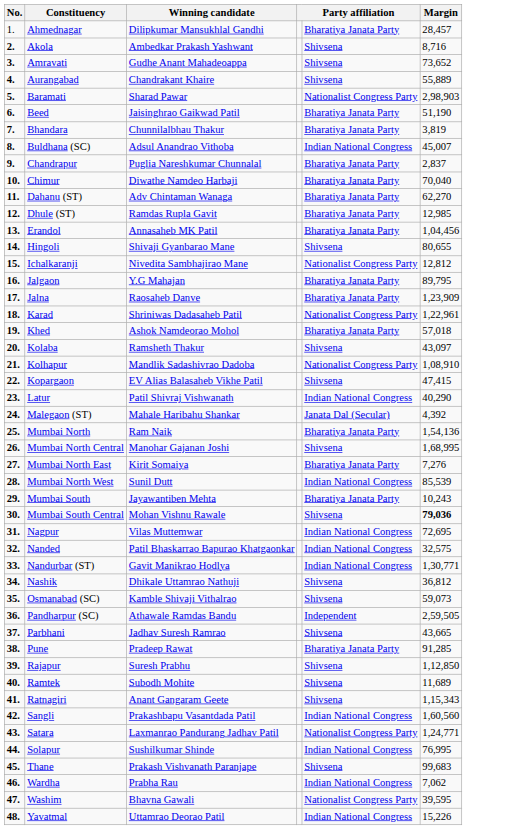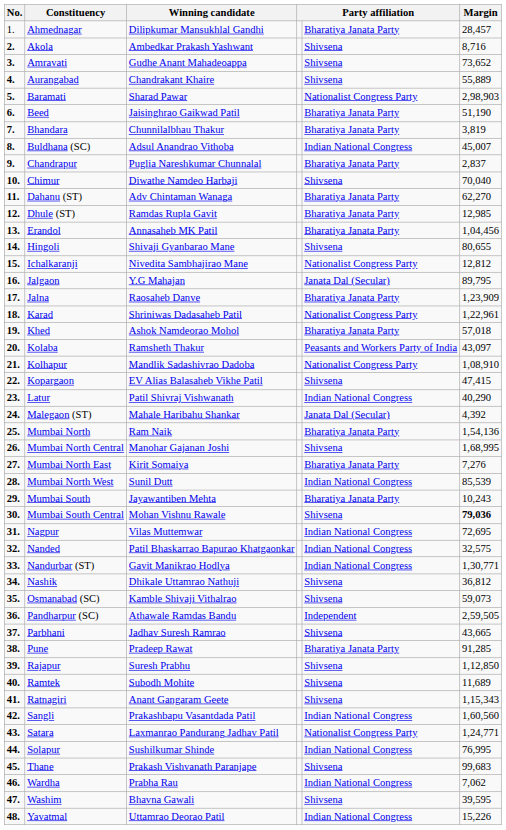 <table class="wikitable sortable">
 <tr>
 <th>No.</th>
 <th>Constituency</th>
 <th>Winning candidate</th>
 <th colspan="2">Party affiliation</th>
 <th>Margin</th>
 </tr>
 <tr>
 <td>1.</td>
 <td><a href='#'>Ahmednagar</a></td>
 <td><a href='#'>Dilipkumar Mansukhlal Gandhi</a></td>
 <td style="background-color: "></td>
 <td><a href='#'>Bharatiya Janata Party</a></td>
 <td>28,457</td>
 </tr>
 <tr>
 <td><strong>2.</strong></td>
 <td><a href='#'>Akola</a></td>
 <td><a href='#'>Ambedkar Prakash Yashwant</a></td>
 <td style="background-color: "></td>
 <td><a href='#'>Shivsena</a></td>
 <td>8,716</td>
 </tr>
 <tr>
 <td><strong>3.</strong></td>
 <td><a href='#'>Amravati</a></td>
 <td><a href='#'>Gudhe Anant Mahadeoappa</a></td>
 <td style="background-color: "></td>
 <td><a href='#'>Shivsena</a></td>
 <td>73,652</td>
 </tr>
 <tr>
 <td><strong>4.</strong></td>
 <td><a href='#'>Aurangabad</a></td>
 <td><a href='#'>Chandrakant Khaire</a></td>
 <td style="background-color: "></td>
 <td><a href='#'>Shivsena</a></td>
 <td>55,889</td>
 </tr>
 <tr>
 <td><strong>5.</strong></td>
 <td><a href='#'>Baramati</a></td>
 <td><a href='#'>Sharad Pawar</a></td>
 <td style="background-color: "></td>
 <td><a href='#'>Nationalist Congress Party</a></td>
 <td>2,98,903</td>
 </tr>
 <tr>
 <td><strong>6.</strong></td>
 <td><a href='#'>Beed</a></td>
 <td><a href='#'>Jaisinghrao Gaikwad Patil</a></td>
 <td style="background-color: "></td>
 <td><a href='#'>Bharatiya Janata Party</a></td>
 <td>51,190</td>
 </tr>
 <tr>
 <td><strong>7.</strong></td>
 <td><a href='#'>Bhandara</a></td>
 <td><a href='#'>Chunnilalbhau Thakur</a></td>
 <td style="background-color: "></td>
 <td><a href='#'>Bharatiya Janata Party</a></td>
 <td>3,819</td>
 </tr>
 <tr>
 <td><strong>8.</strong></td>
 <td><a href='#'>Buldhana</a> (SC)</td>
 <td><a href='#'>Adsul Anandrao Vithoba</a></td>
 <td style="background-color: "></td>
 <td><a href='#'>Indian National Congress</a></td>
 <td>45,007</td>
 </tr>
 <tr>
 <td><strong>9.</strong></td>
 <td><a href='#'>Chandrapur</a></td>
 <td><a href='#'>Puglia Nareshkumar Chunnalal</a></td>
 <td style="background-color: "></td>
 <td><a href='#'>Bharatiya Janata Party</a></td>
 <td>2,837</td>
 </tr>
 <tr>
 <td><strong>10.</strong></td>
 <td><a href='#'>Chimur</a></td>
 <td><a href='#'>Diwathe Namdeo Harbaji</a></td>
 <td style="background-color: "></td>
-<td><a href='#'>Bharatiya Janata Party</a></td>
+<td><a href='#'>Shivsena</a></td>
 <td>70,040</td>
 </tr>
 <tr>
 <td><strong>11.</strong></td>
 <td><a href='#'>Dahanu</a> (ST)</td>
 <td><a href='#'>Adv Chintaman Wanaga</a></td>
 <td style="background-color: "></td>
 <td><a href='#'>Bharatiya Janata Party</a></td>
 <td>62,270</td>
 </tr>
 <tr>
 <td><strong>12.</strong></td>
 <td><a href='#'>Dhule</a> (ST)</td>
 <td><a href='#'>Ramdas Rupla Gavit</a></td>
 <td style="background-color: "></td>
 <td><a href='#'>Bharatiya Janata Party</a></td>
 <td>12,985</td>
 </tr>
 <tr>
 <td><strong>13.</strong></td>
 <td><a href='#'>Erandol</a></td>
 <td><a href='#'>Annasaheb MK Patil</a></td>
 <td style="background-color: "></td>
 <td><a href='#'>Bharatiya Janata Party</a></td>
 <td>1,04,456</td>
 </tr>
 <tr>
 <td><strong>14.</strong></td>
 <td><a href='#'>Hingoli</a></td>
 <td><a href='#'>Shivaji Gyanbarao Mane</a></td>
 <td style="background-color: "></td>
 <td><a href='#'>Shivsena</a></td>
 <td>80,655</td>
 </tr>
 <tr>
 <td><strong>15.</strong></td>
 <td><a href='#'>Ichalkaranji</a></td>
 <td><a href='#'>Nivedita Sambhajirao Mane</a></td>
 <td style="background-color: "></td>
 <td><a href='#'>Nationalist Congress Party</a></td>
 <td>12,812</td>
 </tr>
 <tr>
 <td><strong>16.</strong></td>
 <td><a href='#'>Jalgaon</a></td>
 <td><a href='#'>Y.G Mahajan</a></td>
 <td style="background-color: "></td>
-<td><a href='#'>Bharatiya Janata Party</a></td>
+<td><a href='#'>Janata Dal (Secular)</a></td>
 <td>89,795</td>
 </tr>
 <tr>
 <td><strong>17.</strong></td>
 <td><a href='#'>Jalna</a></td>
 <td><a href='#'>Raosaheb Danve</a></td>
 <td style="background-color: "></td>
 <td><a href='#'>Bharatiya Janata Party</a></td>
 <td>1,23,909</td>
 </tr>
 <tr>
 <td><strong>18.</strong></td>
 <td><a href='#'>Karad</a></td>
 <td><a href='#'>Shriniwas Dadasaheb Patil</a></td>
 <td style="background-color: "></td>
 <td><a href='#'>Nationalist Congress Party</a></td>
 <td>1,22,961</td>
 </tr>
 <tr>
 <td><strong>19.</strong></td>
 <td><a href='#'>Khed</a></td>
 <td><a href='#'>Ashok Namdeorao Mohol</a></td>
 <td style="background-color: "></td>
 <td><a href='#'>Bharatiya Janata Party</a></td>
 <td>57,018</td>
 </tr>
 <tr>
 <td><strong>20.</strong></td>
 <td><a href='#'>Kolaba</a></td>
 <td><a href='#'>Ramsheth Thakur</a></td>
 <td style="background-color: "></td>
-<td><a href='#'>Shivsena</a></td>
+<td><a href='#'>Peasants and Workers Party of India</a></td>
 <td>43,097</td>
 </tr>
 <tr>
 <td><strong>21.</strong></td>
 <td><a href='#'>Kolhapur</a></td>
 <td><a href='#'>Mandlik Sadashivrao Dadoba</a></td>
 <td style="background-color: "></td>
 <td><a href='#'>Nationalist Congress Party</a></td>
 <td>1,08,910</td>
 </tr>
 <tr>
 <td><strong>22.</strong></td>
 <td><a href='#'>Kopargaon</a></td>
 <td><a href='#'>EV Alias Balasaheb Vikhe Patil</a></td>
 <td style="background-color: "></td>
 <td><a href='#'>Shivsena</a></td>
 <td>47,415</td>
 </tr>
 <tr>
 <td><strong>23.</strong></td>
 <td><a href='#'>Latur</a></td>
 <td><a href='#'>Patil Shivraj Vishwanath</a></td>
 <td style="background-color: "></td>
 <td><a href='#'>Indian National Congress</a></td>
 <td>40,290</td>
 </tr>
 <tr>
 <td><strong>24.</strong></td>
 <td><a href='#'>Malegaon</a> (ST)</td>
 <td><a href='#'>Mahale Haribahu Shankar</a></td>
 <td style="background-color: "></td>
 <td><a href='#'>Janata Dal (Secular)</a></td>
 <td>4,392</td>
 </tr>
 <tr>
 <td><strong>25.</strong></td>
 <td><a href='#'>Mumbai North</a></td>
 <td><a href='#'>Ram Naik</a></td>
 <td style="background-color: "></td>
 <td><a href='#'>Bharatiya Janata Party</a></td>
 <td>1,54,136</td>
 </tr>
 <tr>
 <td><strong>26.</strong></td>
 <td><a href='#'>Mumbai North Central</a></td>
 <td><a href='#'>Manohar Gajanan Joshi</a></td>
 <td style="background-color: "></td>
 <td><a href='#'>Shivsena</a></td>
 <td>1,68,995</td>
 </tr>
 <tr>
 <td><strong>27.</strong></td>
 <td><a href='#'>Mumbai North East</a></td>
 <td><a href='#'>Kirit Somaiya</a></td>
 <td style="background-color: "></td>
 <td><a href='#'>Bharatiya Janata Party</a></td>
 <td>7,276</td>
 </tr>
 <tr>
 <td><strong>28.</strong></td>
 <td><a href='#'>Mumbai North West</a></td>
 <td><a href='#'>Sunil Dutt</a></td>
 <td style="background-color: "></td>
 <td><a href='#'>Indian National Congress</a></td>
 <td>85,539</td>
 </tr>
 <tr>
 <td><strong>29.</strong></td>
 <td><a href='#'>Mumbai South</a></td>
 <td><a href='#'>Jayawantiben Mehta</a></td>
 <td style="background-color: "></td>
 <td><a href='#'>Bharatiya Janata Party</a></td>
 <td>10,243</td>
 </tr>
 <tr>
 <td><strong>30.</strong></td>
 <td><a href='#'>Mumbai South Central</a></td>
 <td><a href='#'>Mohan Vishnu Rawale</a></td>
 <td style="background-color: "></td>
 <td><a href='#'>Shivsena</a></td>
 <td><strong>79,036</strong></td>
 </tr>
 <tr>
 <td><strong>31.</strong></td>
 <td><a href='#'>Nagpur</a></td>
 <td><a href='#'>Vilas Muttemwar</a></td>
 <td style="background-color: "></td>
 <td><a href='#'>Indian National Congress</a></td>
 <td>72,695</td>
 </tr>
 <tr>
 <td><strong>32.</strong></td>
 <td><a href='#'>Nanded</a></td>
 <td><a href='#'>Patil Bhaskarrao Bapurao Khatgaonkar</a></td>
 <td style="background-color: "></td>
 <td><a href='#'>Indian National Congress</a></td>
 <td>32,575</td>
 </tr>
 <tr>
 <td><strong>33.</strong></td>
 <td><a href='#'>Nandurbar</a> (ST)</td>
 <td><a href='#'>Gavit Manikrao Hodlya</a></td>
 <td style="background-color: "></td>
 <td><a href='#'>Indian National Congress</a></td>
 <td>1,30,771</td>
 </tr>
 <tr>
 <td><strong>34.</strong></td>
 <td><a href='#'>Nashik</a></td>
 <td><a href='#'>Dhikale Uttamrao Nathuji</a></td>
 <td style="background-color: "></td>
 <td><a href='#'>Shivsena</a></td>
 <td>36,812</td>
 </tr>
 <tr>
 <td><strong>35.</strong></td>
 <td><a href='#'>Osmanabad</a> (SC)</td>
 <td><a href='#'>Kamble Shivaji Vithalrao</a></td>
 <td style="background-color: "></td>
 <td><a href='#'>Shivsena</a></td>
 <td>59,073</td>
 </tr>
 <tr>
 <td><strong>36.</strong></td>
 <td><a href='#'>Pandharpur</a> (SC)</td>
 <td><a href='#'>Athawale Ramdas Bandu</a></td>
 <td style="background-color: "></td>
 <td><a href='#'>Independent</a></td>
 <td>2,59,505</td>
 </tr>
 <tr>
 <td><strong>37.</strong></td>
 <td><a href='#'>Parbhani</a></td>
 <td><a href='#'>Jadhav Suresh Ramrao</a></td>
 <td style="background-color: "></td>
 <td><a href='#'>Shivsena</a></td>
 <td>43,665</td>
 </tr>
 <tr>
 <td><strong>38.</strong></td>
 <td><a href='#'>Pune</a></td>
 <td><a href='#'>Pradeep Rawat</a></td>
 <td style="background-color: "></td>
 <td><a href='#'>Bharatiya Janata Party</a></td>
 <td>91,285</td>
 </tr>
 <tr>
 <td><strong>39.</strong></td>
 <td><a href='#'>Rajapur</a></td>
 <td><a href='#'>Suresh Prabhu</a></td>
 <td style="background-color: "></td>
 <td><a href='#'>Shivsena</a></td>
 <td>1,12,850</td>
 </tr>
 <tr>
 <td><strong>40.</strong></td>
 <td><a href='#'>Ramtek</a></td>
 <td><a href='#'>Subodh Mohite</a></td>
 <td style="background-color: "></td>
 <td><a href='#'>Shivsena</a></td>
 <td>11,689</td>
 </tr>
 <tr>
 <td><strong>41.</strong></td>
 <td><a href='#'>Ratnagiri</a></td>
 <td><a href='#'>Anant Gangaram Geete</a></td>
 <td style="background-color: "></td>
 <td><a href='#'>Shivsena</a></td>
 <td>1,15,343</td>
 </tr>
 <tr>
 <td><strong>42.</strong></td>
 <td><a href='#'>Sangli</a></td>
 <td><a href='#'>Prakashbapu Vasantdada Patil</a></td>
 <td style="background-color: "></td>
 <td><a href='#'>Indian National Congress</a></td>
 <td>1,60,560</td>
 </tr>
 <tr>
 <td><strong>43.</strong></td>
 <td><a href='#'>Satara</a></td>
 <td><a href='#'>Laxmanrao Pandurang Jadhav Patil</a></td>
 <td style="background-color: "></td>
 <td><a href='#'>Nationalist Congress Party</a></td>
 <td>1,24,771</td>
 </tr>
 <tr>
 <td><strong>44.</strong></td>
 <td><a href='#'>Solapur</a></td>
 <td><a href='#'>Sushilkumar Shinde</a></td>
 <td style="background-color: "></td>
 <td><a href='#'>Indian National Congress</a></td>
 <td>76,995</td>
 </tr>
 <tr>
 <td><strong>45.</strong></td>
 <td><a href='#'>Thane</a></td>
 <td><a href='#'>Prakash Vishvanath Paranjape</a></td>
 <td style="background-color: "></td>
 <td><a href='#'>Shivsena</a></td>
 <td>99,683</td>
 </tr>
 <tr>
 <td><strong>46.</strong></td>
 <td><a href='#'>Wardha</a></td>
 <td><a href='#'>Prabha Rau</a></td>
 <td style="background-color: "></td>
 <td><a href='#'>Indian National Congress</a></td>
 <td>7,062</td>
 </tr>
 <tr>
 <td><strong>47.</strong></td>
 <td><a href='#'>Washim</a></td>
 <td><a href='#'>Bhavna Gawali</a></td>
 <td style="background-color: "></td>
-<td><a href='#'>Nationalist Congress Party</a></td>
+<td><a href='#'>Shivsena</a></td>
 <td>39,595</td>
 </tr>
 <tr>
 <td><strong>48.</strong></td>
 <td><a href='#'>Yavatmal</a></td>
 <td><a href='#'>Uttamrao Deorao Patil</a></td>
 <td style="background-color: "></td>
 <td><a href='#'>Indian National Congress</a></td>
 <td>15,226</td>
 </tr>
 </table>
